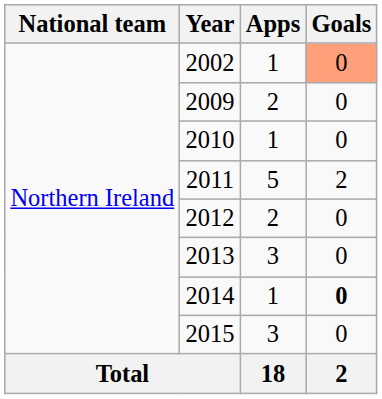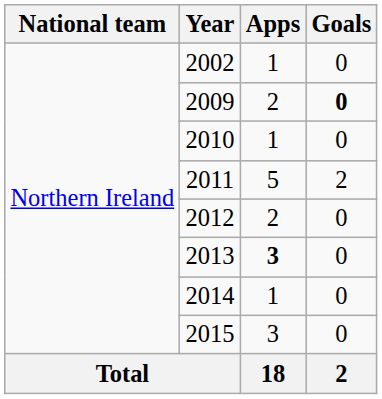 <table class=wikitable style="text-align: center">
 <tr>
 <th>National team</th>
 <th>Year</th>
 <th>Apps</th>
 <th>Goals</th>
 </tr>
 <tr>
 <td rowspan=8><a href='#'>Northern Ireland</a></td>
 <td>2002</td>
 <td>1</td>
-<td style="background: lightsalmon;">0</td>
+<td>0</td>
 </tr>
 <tr>
 <td>2009</td>
 <td>2</td>
-<td>0</td>
+<td><strong>0</strong></td>
 </tr>
 <tr>
 <td>2010</td>
 <td>1</td>
 <td>0</td>
 </tr>
 <tr>
 <td>2011</td>
 <td>5</td>
 <td>2</td>
 </tr>
 <tr>
 <td>2012</td>
 <td>2</td>
 <td>0</td>
 </tr>
 <tr>
 <td>2013</td>
-<td>3</td>
+<td><strong>3</strong></td>
 <td>0</td>
 </tr>
 <tr>
 <td>2014</td>
 <td>1</td>
-<td><strong>0</strong></td>
+<td>0</td>
 </tr>
 <tr>
 <td>2015</td>
 <td>3</td>
 <td>0</td>
 </tr>
 <tr>
 <th colspan=2>Total</th>
 <th>18</th>
 <th>2</th>
 </tr>
 </table>
